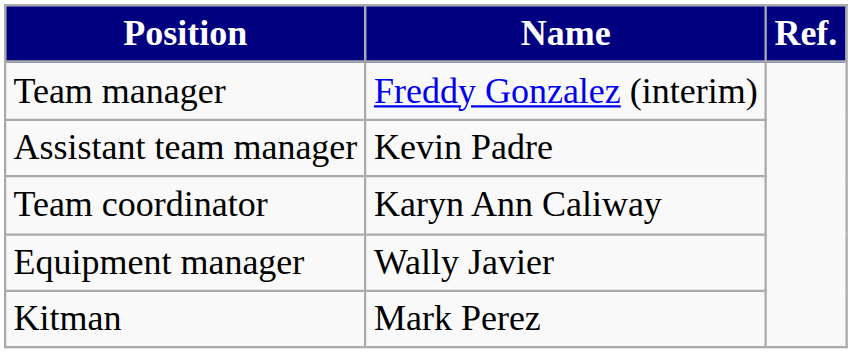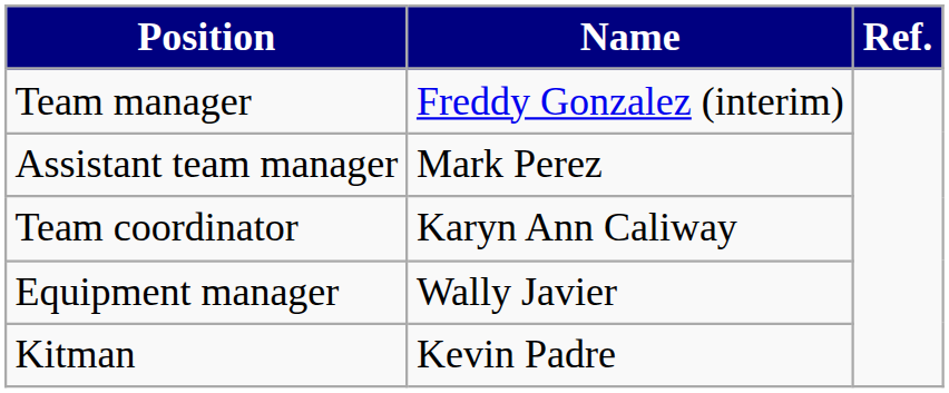 <table class="wikitable">
 <tr>
 <th style="background:#000080;color:white;">Position</th>
 <th style="background:#000080;color:white;">Name</th>
 <th style="background:#000080;color:white;">Ref.</th>
 </tr>
 <tr>
 <td>Team manager</td>
 <td> <a href='#'>Freddy Gonzalez</a> (interim)</td>
 <td rowspan="5"></td>
 </tr>
 <tr>
 <td>Assistant team manager</td>
-<td> Kevin Padre</td>
+<td> Mark Perez</td>
 </tr>
 <tr>
 <td>Team coordinator</td>
 <td> Karyn Ann Caliway</td>
 </tr>
 <tr>
 <td>Equipment manager</td>
 <td> Wally Javier</td>
 </tr>
 <tr>
 <td>Kitman</td>
-<td> Mark Perez</td>
+<td> Kevin Padre</td>
 </tr>
 </table>
